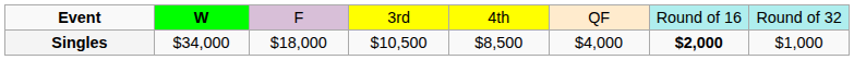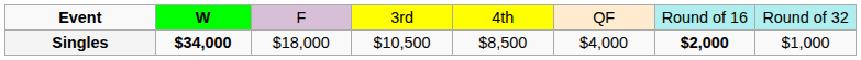 <table class=wikitable style=font-size:90%;text-align:center>
 <tr>
 <td width=130><strong>Event</strong></td>
 <td width=80 bgcolor=lime><strong>W</strong></td>
 <td width=85 bgcolor=thistle>F</td>
 <td width=85 bgcolor=ffff00>3rd</td>
 <td width=85 bgcolor=ffff00>4th</td>
 <td style="width:85px; background:#ffebcd">QF</td>
 <td width=85 bgcolor=afeeee>Round of 16</td>
 <td width=85 bgcolor=afeeee>Round of 32</td>
 </tr>
 <tr>
 <th style=background:#f4f4f4>Singles </th>
-<td>$34,000</td>
+<td><strong>$34,000</strong></td>
 <td>$18,000</td>
 <td>$10,500</td>
 <td>$8,500</td>
 <td>$4,000</td>
 <td><strong>$2,000</strong></td>
 <td>$1,000</td>
 </tr>
 </table>
